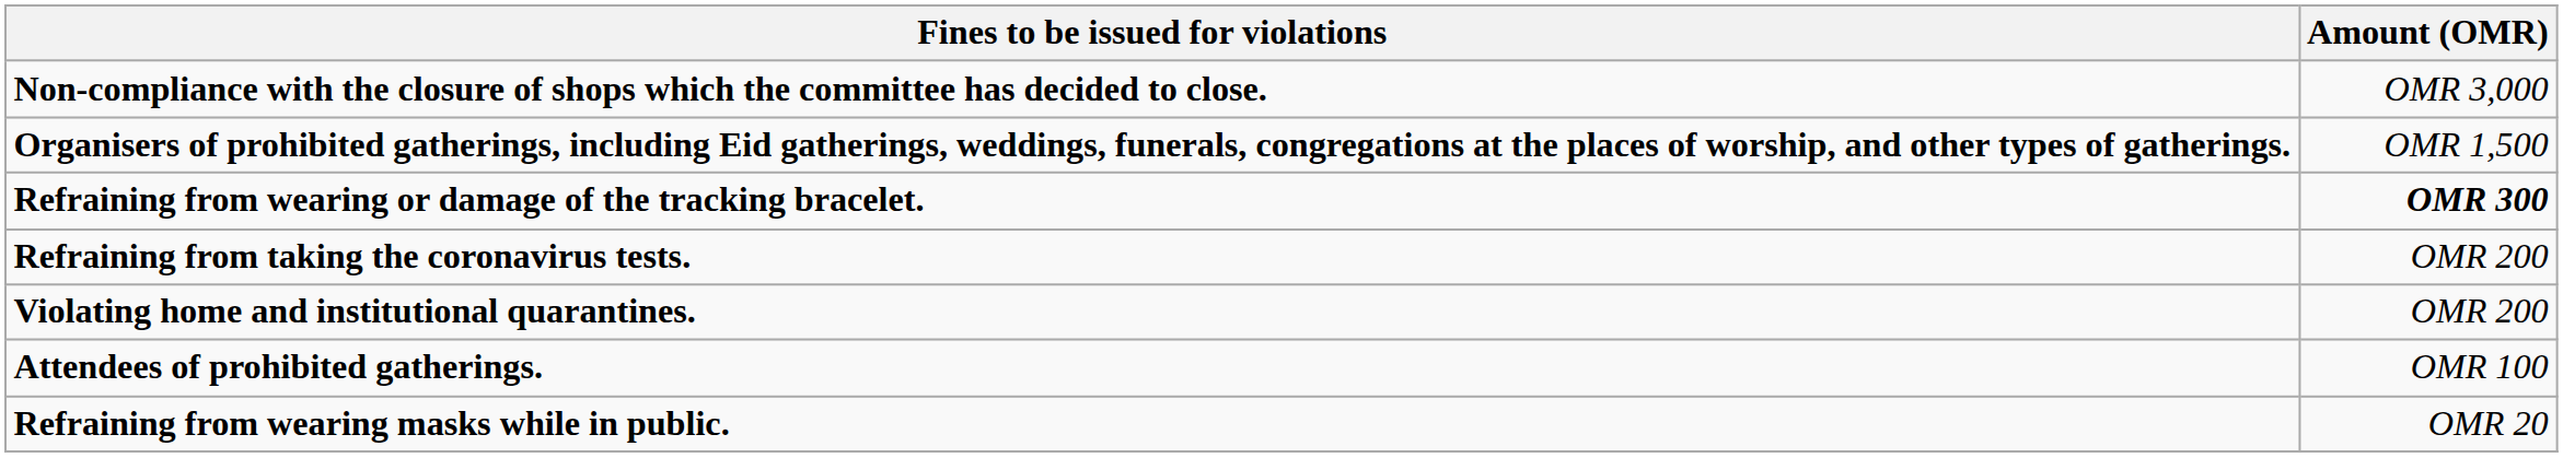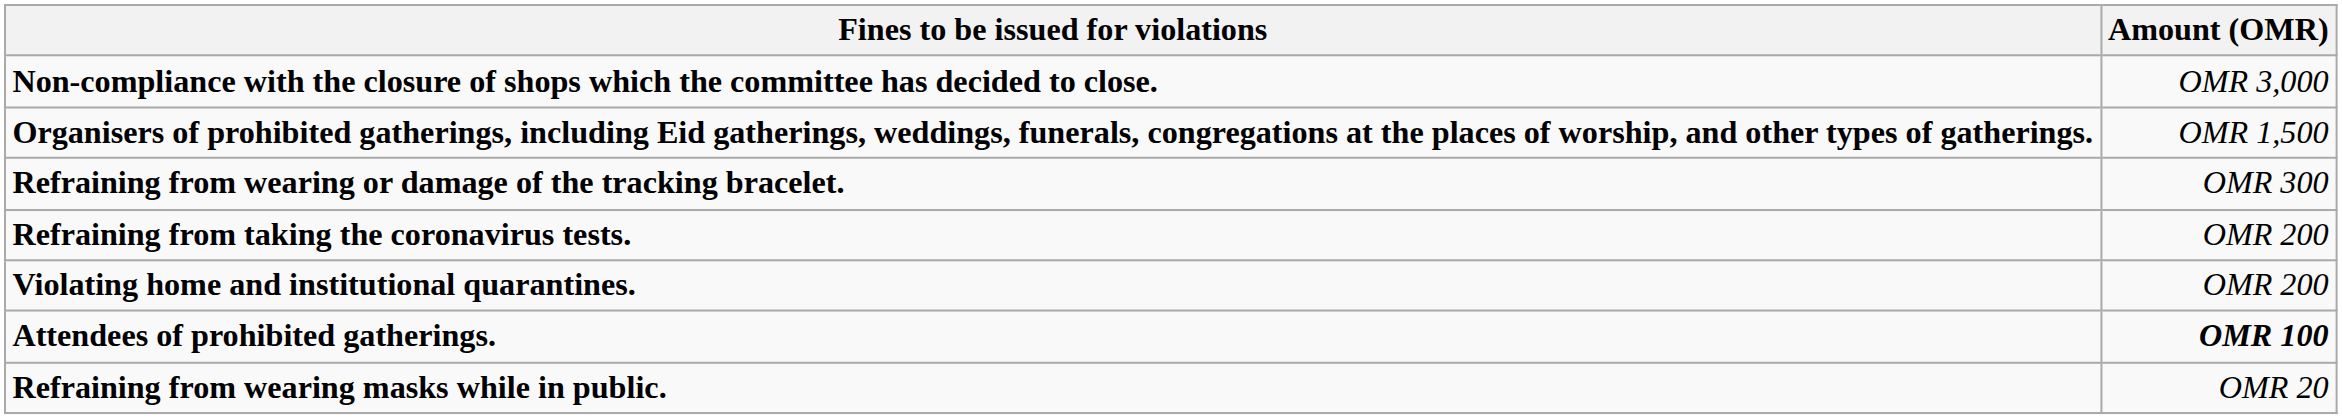 <table class="wikitable floatright">
 <tr>
 <th colspan="2">Fines to be issued for violations</th>
 <th>Amount (OMR)</th>
 </tr>
 <tr>
 <td colspan="2"><strong>Non-compliance with the closure of shops which the committee has decided to close.</strong></td>
 <td style="text-align: right;"><em>OMR 3,000</em></td>
 </tr>
 <tr>
 <td colspan="2"><strong>Organisers of prohibited gatherings, including Eid gatherings, weddings, funerals, congregations at the places of worship, and other types of gatherings.</strong></td>
 <td style="text-align: right;"><em>OMR 1,500</em></td>
 </tr>
 <tr>
 <td colspan="2"><strong>Refraining from wearing or damage of the tracking bracelet.</strong></td>
-<td style="text-align: right;"><strong><em>OMR 300</em></strong></td>
+<td style="text-align: right;"><em>OMR 300</em></td>
 </tr>
 <tr>
 <td colspan="2"><strong>Refraining from taking the coronavirus tests.</strong></td>
 <td style="text-align: right;"><em>OMR 200</em></td>
 </tr>
 <tr>
 <td colspan="2"><strong> Violating home and institutional quarantines.</strong></td>
 <td style="text-align: right;"><em>OMR 200</em></td>
 </tr>
 <tr>
 <td colspan="2"><strong>Attendees of prohibited gatherings.</strong></td>
-<td style="text-align: right;"><em>OMR 100</em></td>
+<td style="text-align: right;"><strong><em>OMR 100</em></strong></td>
 </tr>
 <tr>
 <td colspan="2"><strong>Refraining from wearing masks while in public.</strong></td>
 <td style="text-align: right;"><em>OMR 20</em></td>
 </tr>
 <tr>
 </tr>
 </table>
